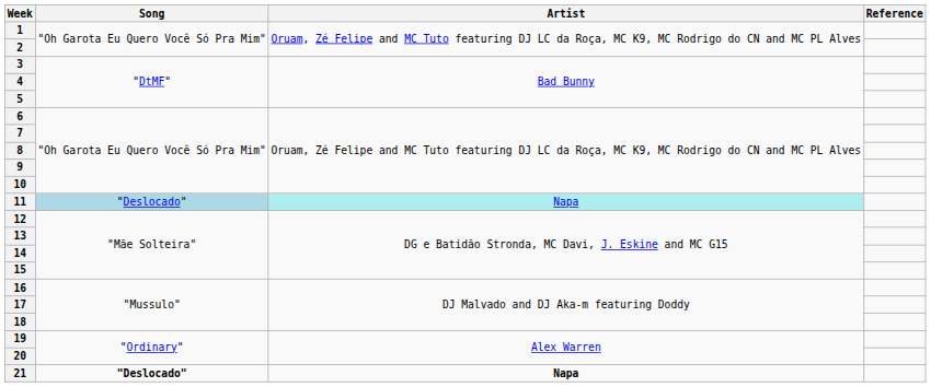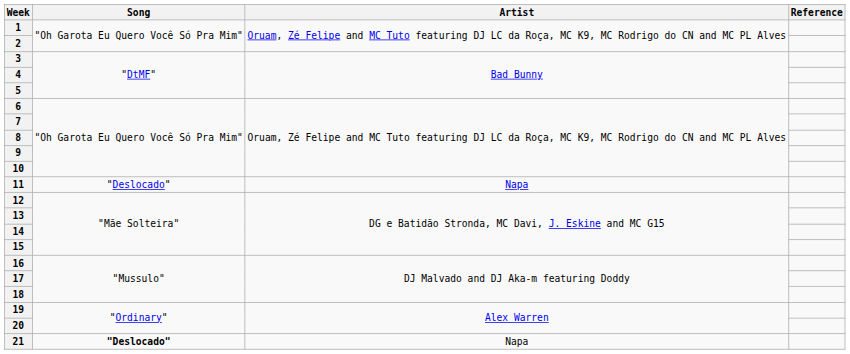 <table class="wikitable plainrowheaders" style="text-align:center">
 <tr>
 <th scope="col">Week</th>
 <th scope="col">Song</th>
 <th scope="col">Artist</th>
 <th scope="col">Reference</th>
 </tr>
 <tr>
 <th scope="row" style="text-align:center">1</th>
 <td rowspan="2">"Oh Garota Eu Quero Você Só Pra Mim"</td>
 <td rowspan="2"><a href='#'>Oruam</a>, <a href='#'>Zé Felipe</a> and <a href='#'>MC Tuto</a> featuring DJ LC da Roça, MC K9, MC Rodrigo do CN and MC PL Alves</td>
 <td></td>
 </tr>
 <tr>
 <th scope="row" style="text-align:center">2</th>
 <td></td>
 </tr>
 <tr>
 <th scope="row" style="text-align:center">3</th>
 <td rowspan="3">"<a href='#'>DtMF</a>"</td>
 <td rowspan="3"><a href='#'>Bad Bunny</a></td>
 <td></td>
 </tr>
 <tr>
 <th scope="row" style="text-align:center">4</th>
 <td></td>
 </tr>
 <tr>
 <th scope="row" style="text-align:center">5</th>
 <td></td>
 </tr>
 <tr>
 <th scope="row" style="text-align:center">6</th>
 <td rowspan="5">"Oh Garota Eu Quero Você Só Pra Mim"</td>
 <td rowspan="5">Oruam, Zé Felipe and MC Tuto featuring DJ LC da Roça, MC K9, MC Rodrigo do CN and MC PL Alves</td>
 <td></td>
 </tr>
 <tr>
 <th scope="row" style="text-align:center">7</th>
 <td></td>
 </tr>
 <tr>
 <th scope="row" style="text-align:center">8</th>
 <td></td>
 </tr>
 <tr>
 <th scope="row" style="text-align:center">9</th>
 <td></td>
 </tr>
 <tr>
 <th scope="row" style="text-align:center">10</th>
 <td></td>
 </tr>
 <tr>
 <th scope="row" style="text-align:center">11</th>
-<td style="background: lightblue;">"<a href='#'>Deslocado</a>"</td>
-<td style="background: paleturquoise;"><a href='#'>Napa</a></td>
+<td>"<a href='#'>Deslocado</a>"</td>
+<td><a href='#'>Napa</a></td>
 <td></td>
 </tr>
 <tr>
 <th scope="row" style="text-align:center">12</th>
 <td rowspan="4">"Mãe Solteira"</td>
 <td rowspan="4">DG e Batidão Stronda, MC Davi, <a href='#'>J. Eskine</a> and MC G15</td>
 <td></td>
 </tr>
 <tr>
 <th scope="row" style="text-align:center">13</th>
 <td></td>
 </tr>
 <tr>
 <th scope="row" style="text-align:center">14</th>
 <td></td>
 </tr>
 <tr>
 <th scope="row" style="text-align:center">15</th>
 <td></td>
 </tr>
 <tr>
 <th scope="row" style="text-align:center">16</th>
 <td rowspan="3">"Mussulo"</td>
 <td rowspan="3">DJ Malvado and DJ Aka-m featuring Doddy</td>
 <td></td>
 </tr>
 <tr>
 <th scope="row" style="text-align:center">17</th>
 <td></td>
 </tr>
 <tr>
 <th scope="row" style="text-align:center">18</th>
 <td></td>
 </tr>
 <tr>
 <th scope="row" style="text-align:center">19</th>
 <td rowspan="2">"<a href='#'>Ordinary</a>"</td>
 <td rowspan="2"><a href='#'>Alex Warren</a></td>
 <td></td>
 </tr>
 <tr>
 <th scope="row" style="text-align:center">20</th>
 <td></td>
 </tr>
 <tr>
 <th scope="row" style="text-align:center">21</th>
 <td><strong>"Deslocado"</strong></td>
-<td><strong>Napa</strong></td>
+<td>Napa</td>
 <td></td>
 </tr>
 </table>
